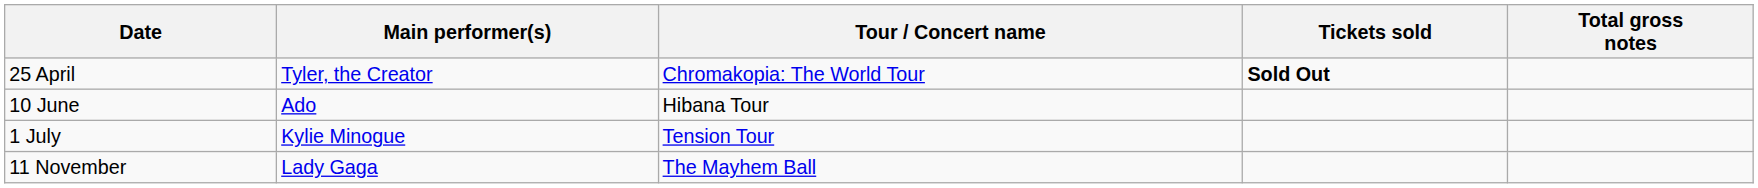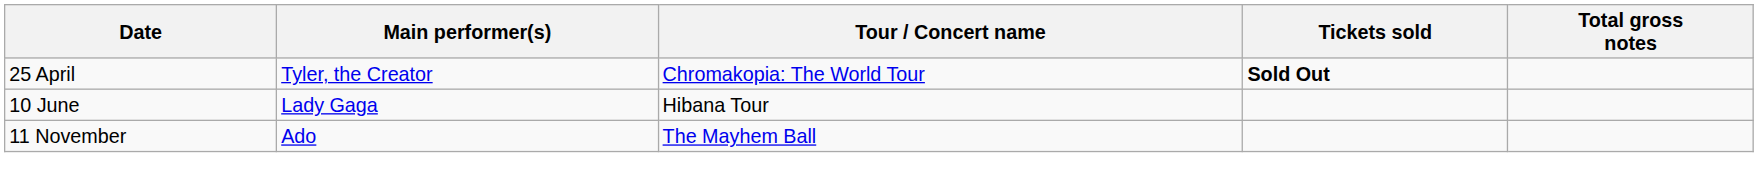 <table class="wikitable"  style="text-align:left; font-size:95%; width:85%;">
 <tr>
 <th style="text-align:center;">Date</th>
 <th style="text-align:center;">Main performer(s)</th>
 <th style="text-align:center;">Tour / Concert name</th>
 <th style="text-align:center;">Tickets sold</th>
 <th style="text-align:center;">Total gross<br>notes</th>
 </tr>
 <tr>
 <td>25 April</td>
 <td><a href='#'>Tyler, the Creator</a></td>
 <td><a href='#'>Chromakopia: The World Tour</a></td>
 <td><strong>Sold Out</strong></td>
 <td></td>
 </tr>
 <tr>
 <td>10 June</td>
-<td><a href='#'>Ado</a></td>
+<td><a href='#'>Lady Gaga</a></td>
 <td>Hibana Tour</td>
 <td></td>
 <td></td>
 </tr>
 <tr>
-<td>1 July</td>
-<td><a href='#'>Kylie Minogue</a></td>
-<td><a href='#'>Tension Tour</a></td>
-<td></td>
-<td></td>
-</tr>
-<tr>
 <td>11 November</td>
-<td><a href='#'>Lady Gaga</a></td>
+<td><a href='#'>Ado</a></td>
 <td><a href='#'>The Mayhem Ball</a></td>
 <td></td>
 <td></td>
 </tr>
 </table>
